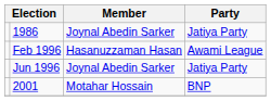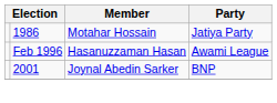 <table class="wikitable">
 <tr>
 <th colspan="2">Election</th>
 <th>Member</th>
 <th>Party</th>
 </tr>
 <tr>
 <td style="background-color:"></td>
 <td><a href='#'>1986</a></td>
-<td><a href='#'>Joynal Abedin Sarker</a></td>
+<td><a href='#'>Motahar Hossain</a></td>
 <td><a href='#'>Jatiya Party</a></td>
 </tr>
 <tr>
 <td style="background-color:"></td>
 <td><a href='#'>Feb 1996</a></td>
 <td><a href='#'>Hasanuzzaman Hasan</a></td>
 <td><a href='#'>Awami League</a></td>
 </tr>
 <tr>
 <td style="background-color:"></td>
-<td><a href='#'>Jun 1996</a></td>
+<td><a href='#'>2001</a></td>
 <td><a href='#'>Joynal Abedin Sarker</a></td>
-<td><a href='#'>Jatiya Party</a></td>
-</tr>
-<tr>
-<td style="background-color:"></td>
-<td><a href='#'>2001</a></td>
-<td><a href='#'>Motahar Hossain</a></td>
 <td><a href='#'>BNP</a></td>
 </tr>
 <tr>
 </tr>
 </table>
